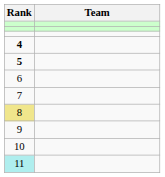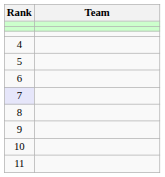 <table class=wikitable style="text-align:center;">
 <tr>
 <th>Rank</th>
 <th width=180>Team</th>
 </tr>
 <tr bgcolor=#CCFFCC>
 <td></td>
 <td align=left></td>
 </tr>
 <tr bgcolor=#CCFFCC>
 <td></td>
 <td align=left></td>
 </tr>
 <tr>
 <td></td>
 <td align=left></td>
 </tr>
 <tr>
-<td><strong>4</strong></td>
+<td>4</td>
 <td align=left></td>
 </tr>
 <tr>
-<td><strong>5</strong></td>
+<td>5</td>
 <td align=left></td>
 </tr>
 <tr>
 <td>6</td>
 <td align=left></td>
 </tr>
 <tr>
-<td>7</td>
+<td style="background: lavender;">7</td>
 <td align=left></td>
 </tr>
 <tr>
-<td style="background: khaki;">8</td>
+<td>8</td>
 <td align=left></td>
 </tr>
 <tr>
 <td>9</td>
 <td align=left></td>
 </tr>
 <tr>
 <td>10</td>
 <td align=left></td>
 </tr>
 <tr>
-<td style="background: paleturquoise;">11</td>
+<td>11</td>
 <td align=left></td>
 </tr>
 </table>
